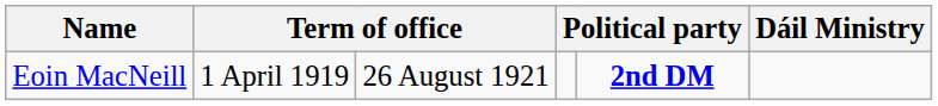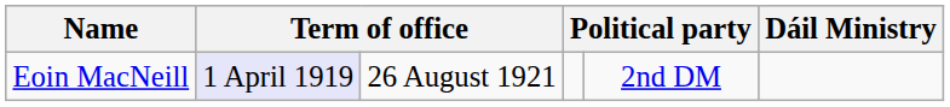 <table class="wikitable" style="text-align:center; font-size:100%;">
 <tr>
 <th>Name</th>
 <th colspan=2>Term of office</th>
 <th colspan=2>Political party</th>
 <th>Dáil Ministry</th>
 </tr>
 <tr>
 <td><a href='#'>Eoin MacNeill</a></td>
-<td>1 April 1919</td>
+<td style="background: lavender;">1 April 1919</td>
 <td>26 August 1921</td>
 <td></td>
-<td><strong><a href='#'>2nd DM</a></strong></td>
+<td><a href='#'>2nd DM</a></td>
 </tr>
 </table>
